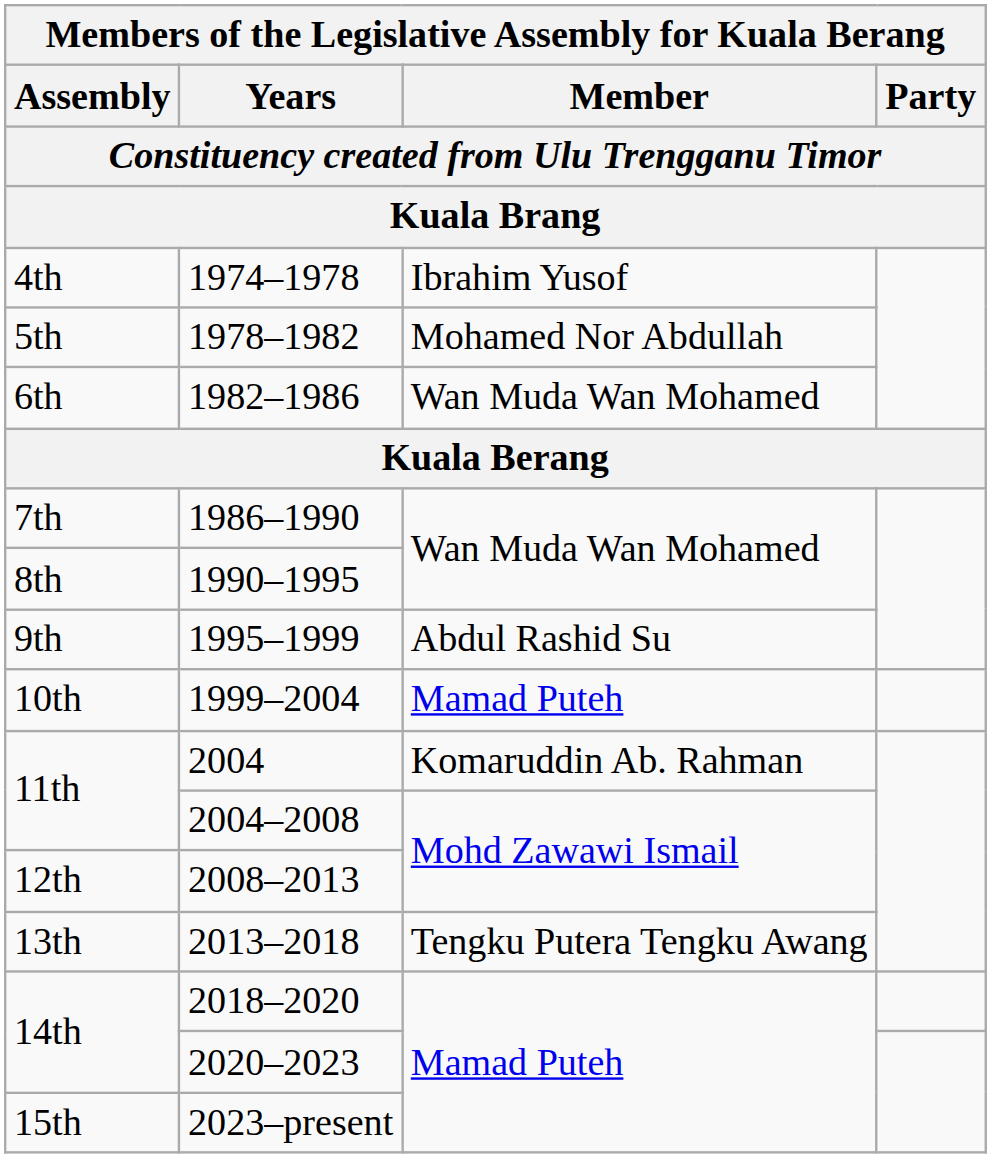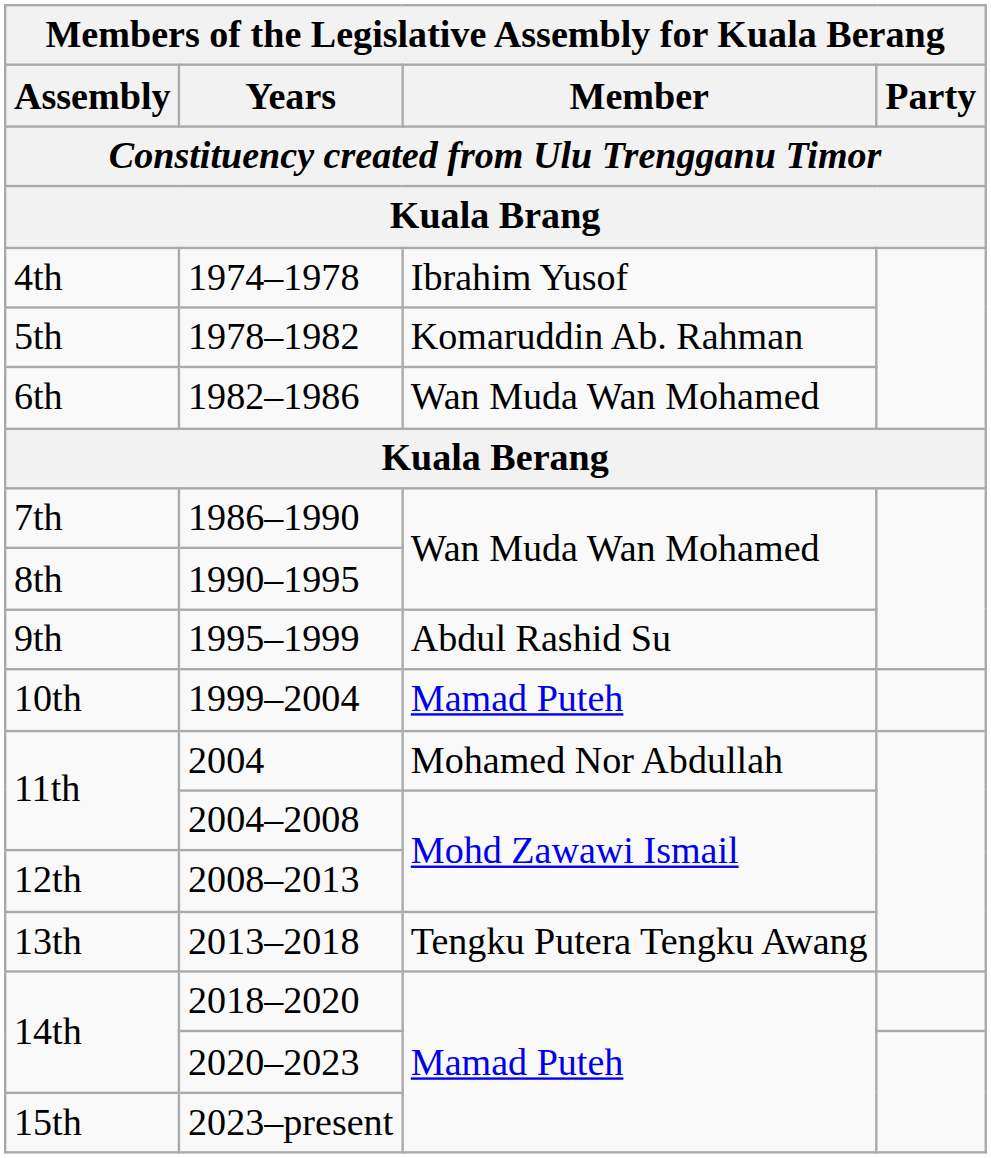 <table class="wikitable">
 <tr>
 <th colspan="4">Members of the Legislative Assembly for Kuala Berang</th>
 </tr>
 <tr>
 <th>Assembly</th>
 <th>Years</th>
 <th>Member</th>
 <th>Party</th>
 </tr>
 <tr>
 <th colspan="4" align="center"><em>Constituency created from Ulu Trengganu Timor</em></th>
 </tr>
 <tr>
 <th colspan="4" align="center">Kuala Brang</th>
 </tr>
 <tr>
 <td>4th</td>
 <td>1974–1978</td>
 <td>Ibrahim Yusof</td>
 <td rowspan="3"></td>
 </tr>
 <tr>
 <td>5th</td>
 <td>1978–1982</td>
-<td>Mohamed Nor Abdullah</td>
+<td>Komaruddin Ab. Rahman</td>
 </tr>
 <tr>
 <td>6th</td>
 <td>1982–1986</td>
 <td>Wan Muda Wan Mohamed</td>
 </tr>
 <tr>
 <th colspan="4" align="center">Kuala Berang</th>
 </tr>
 <tr>
 <td>7th</td>
 <td>1986–1990</td>
 <td rowspan="2">Wan Muda Wan Mohamed</td>
 <td rowspan="3"></td>
 </tr>
 <tr>
 <td>8th</td>
 <td>1990–1995</td>
 </tr>
 <tr>
 <td>9th</td>
 <td>1995–1999</td>
 <td>Abdul Rashid Su</td>
 </tr>
 <tr>
 <td>10th</td>
 <td>1999–2004</td>
 <td><a href='#'>Mamad Puteh</a></td>
 <td></td>
 </tr>
 <tr>
 <td rowspan="2">11th</td>
 <td>2004</td>
-<td>Komaruddin Ab. Rahman</td>
+<td>Mohamed Nor Abdullah</td>
 <td rowspan="4"></td>
 </tr>
 <tr>
 <td>2004–2008</td>
 <td rowspan="2"><a href='#'>Mohd Zawawi Ismail</a></td>
 </tr>
 <tr>
 <td>12th</td>
 <td>2008–2013</td>
 </tr>
 <tr>
 <td>13th</td>
 <td>2013–2018</td>
 <td>Tengku Putera Tengku Awang</td>
 </tr>
 <tr>
 <td rowspan="2">14th</td>
 <td>2018–2020</td>
 <td rowspan="3"><a href='#'>Mamad Puteh</a></td>
 <td></td>
 </tr>
 <tr>
 <td>2020–2023</td>
 <td rowspan="2"></td>
 </tr>
 <tr>
 <td>15th</td>
 <td>2023–present</td>
 </tr>
 </table>
